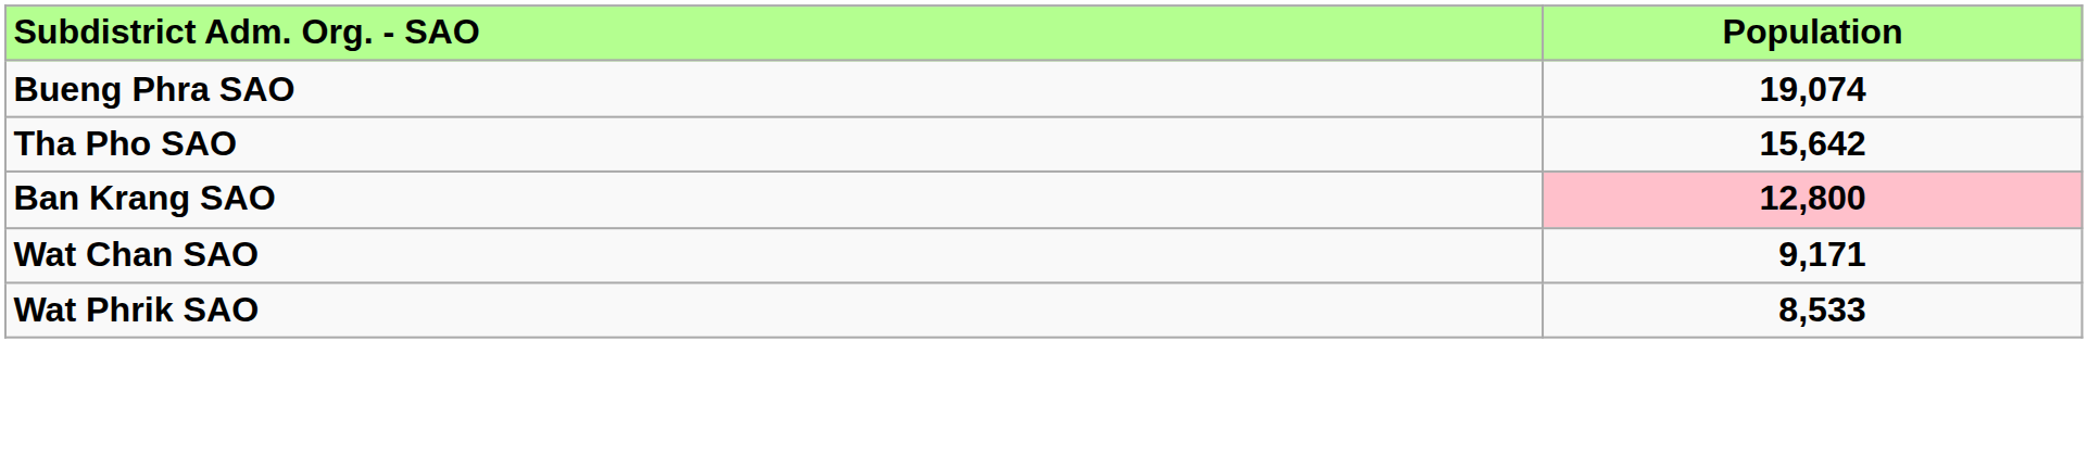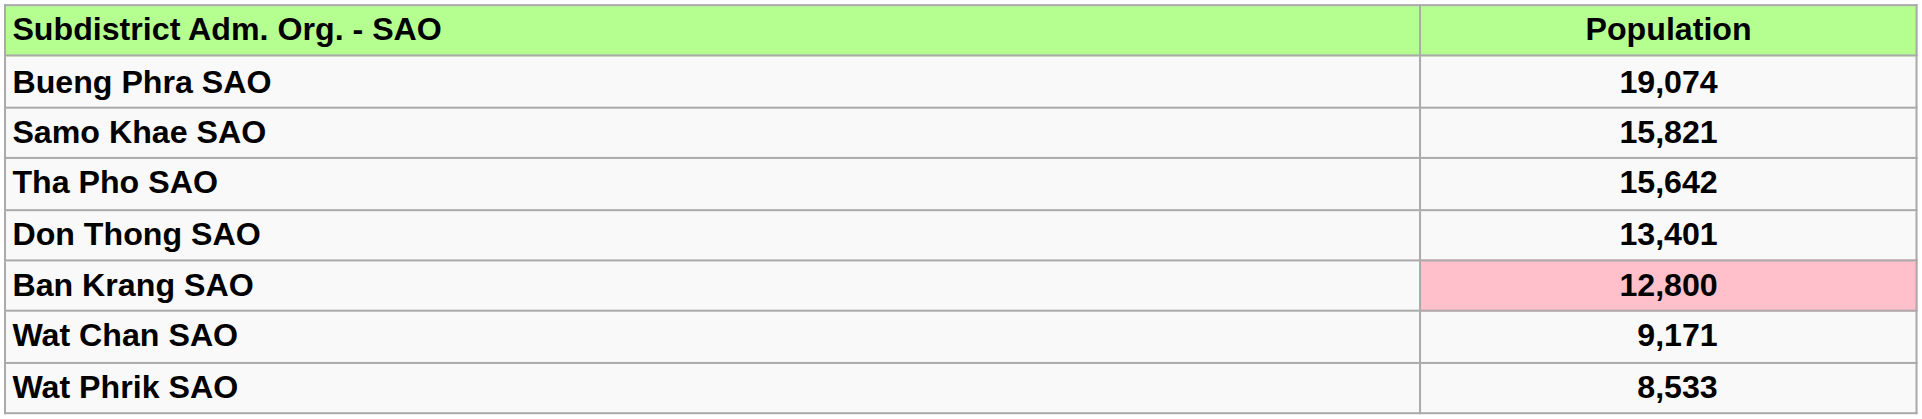 <table class="wikitable" style="width:48%; display:inline-table;">
 <tr>
 <th scope="col" style= "width=74%; background: #b4ff90; text-align:left;"><strong>Subdistrict Adm. Org. - SAO</strong></th>
 <th scope="col" style= "width:26%; background: #b4ff90; text-align:center;"><strong>Population</strong></th>
 </tr>
 <tr>
 <td><strong>Bueng Phra SAO</strong></td>
 <td style="text-align:center;"><strong>19,074</strong></td>
 </tr>
 <tr>
+<td><strong>Samo Khae SAO</strong></td>
+<td style="text-align:center;"><strong>15,821</strong></td>
+</tr>
+<tr>
 <td><strong>Tha Pho SAO</strong></td>
 <td style="text-align:center;"><strong>15,642</strong></td>
+</tr>
+<tr>
+<td><strong>Don Thong SAO</strong></td>
+<td style="text-align:center;"><strong>13,401</strong></td>
 </tr>
 <tr>
 <td><strong>Ban Krang SAO</strong></td>
 <td style="background: pink; text-align:center;"><strong>12,800</strong></td>
 </tr>
 <tr>
 <td><strong>Wat Chan SAO</strong></td>
 <td style="text-align:center;">  <strong>9,171</strong></td>
 </tr>
 <tr>
 <td><strong>Wat Phrik SAO</strong></td>
 <td style="text-align:center;">  <strong>8,533</strong></td>
 </tr>
 </table>
